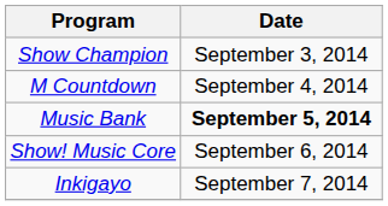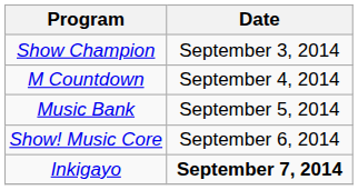 <table class="wikitable" style="text-align:center">
 <tr>
 <th>Program</th>
 <th width="150">Date</th>
 </tr>
 <tr>
 <td rowspan="1"><em><a href='#'>Show Champion</a></em></td>
 <td>September 3, 2014</td>
 </tr>
 <tr>
 <td rowspan="1"><em><a href='#'>M Countdown</a></em></td>
 <td>September 4, 2014</td>
 </tr>
 <tr>
 <td rowspan="1"><em><a href='#'>Music Bank</a></em></td>
-<td><strong>September 5, 2014</strong></td>
+<td>September 5, 2014</td>
 </tr>
 <tr>
 <td rowspan="1"><em><a href='#'>Show! Music Core</a></em></td>
 <td>September 6, 2014</td>
 </tr>
 <tr>
 <td rowspan="1"><em><a href='#'>Inkigayo</a></em></td>
-<td>September 7, 2014</td>
+<td><strong>September 7, 2014</strong></td>
 </tr>
 <tr>
 </tr>
 </table>
